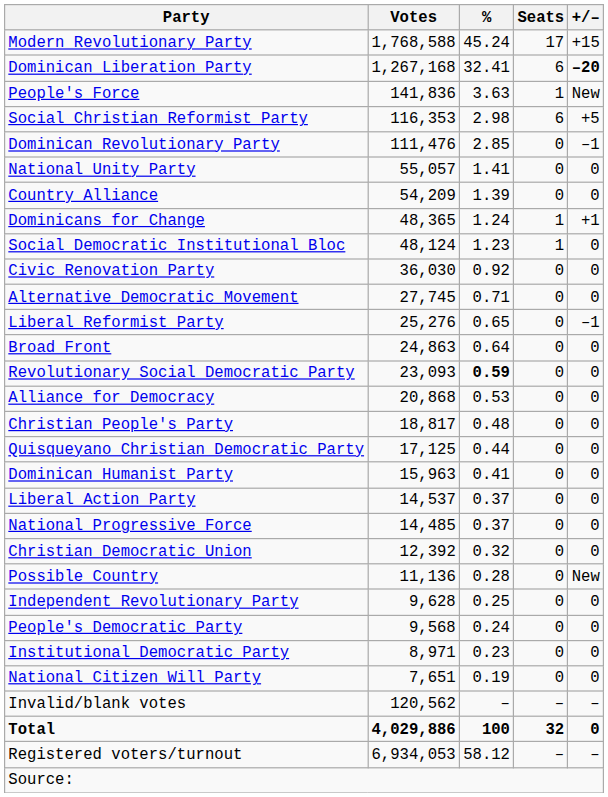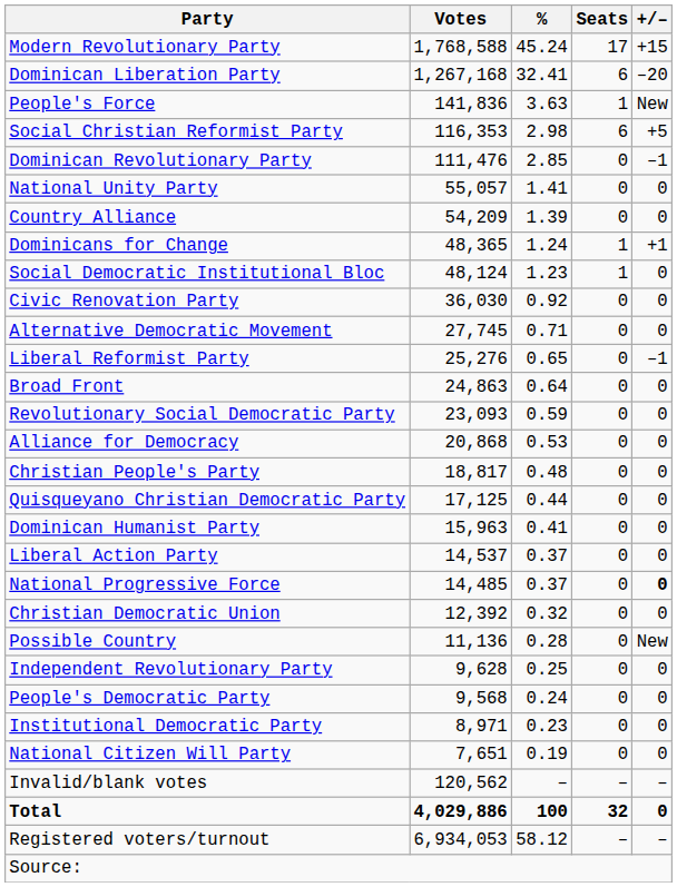 <table class=wikitable style=text-align:right>
 <tr>
 <th>Party</th>
 <th>Votes</th>
 <th>%</th>
 <th>Seats</th>
 <th>+/–</th>
 </tr>
 <tr>
 <td align=left><a href='#'>Modern Revolutionary Party</a></td>
 <td>1,768,588</td>
 <td>45.24</td>
 <td>17</td>
 <td>+15</td>
 </tr>
 <tr>
 <td align=left><a href='#'>Dominican Liberation Party</a></td>
 <td>1,267,168</td>
 <td>32.41</td>
 <td>6</td>
-<td><strong>–20</strong></td>
+<td>–20</td>
 </tr>
 <tr>
 <td align=left><a href='#'>People's Force</a></td>
 <td>141,836</td>
 <td>3.63</td>
 <td>1</td>
 <td>New</td>
 </tr>
 <tr>
 <td align=left><a href='#'>Social Christian Reformist Party</a></td>
 <td>116,353</td>
 <td>2.98</td>
 <td>6</td>
 <td>+5</td>
 </tr>
 <tr>
 <td align=left><a href='#'>Dominican Revolutionary Party</a></td>
 <td>111,476</td>
 <td>2.85</td>
 <td>0</td>
 <td>–1</td>
 </tr>
 <tr>
 <td align=left><a href='#'>National Unity Party</a></td>
 <td>55,057</td>
 <td>1.41</td>
 <td>0</td>
 <td>0</td>
 </tr>
 <tr>
 <td align=left><a href='#'>Country Alliance</a></td>
 <td>54,209</td>
 <td>1.39</td>
 <td>0</td>
 <td>0</td>
 </tr>
 <tr>
 <td align=left><a href='#'>Dominicans for Change</a></td>
 <td>48,365</td>
 <td>1.24</td>
 <td>1</td>
 <td>+1</td>
 </tr>
 <tr>
 <td align=left><a href='#'>Social Democratic Institutional Bloc</a></td>
 <td>48,124</td>
 <td>1.23</td>
 <td>1</td>
 <td>0</td>
 </tr>
 <tr>
 <td align=left><a href='#'>Civic Renovation Party</a></td>
 <td>36,030</td>
 <td>0.92</td>
 <td>0</td>
 <td>0</td>
 </tr>
 <tr>
 <td align=left><a href='#'>Alternative Democratic Movement</a></td>
 <td>27,745</td>
 <td>0.71</td>
 <td>0</td>
 <td>0</td>
 </tr>
 <tr>
 <td align=left><a href='#'>Liberal Reformist Party</a></td>
 <td>25,276</td>
 <td>0.65</td>
 <td>0</td>
 <td>–1</td>
 </tr>
 <tr>
 <td align=left><a href='#'>Broad Front</a></td>
 <td>24,863</td>
 <td>0.64</td>
 <td>0</td>
 <td>0</td>
 </tr>
 <tr>
 <td align=left><a href='#'>Revolutionary Social Democratic Party</a></td>
 <td>23,093</td>
-<td><strong>0.59</strong></td>
+<td>0.59</td>
 <td>0</td>
 <td>0</td>
 </tr>
 <tr>
 <td align=left><a href='#'>Alliance for Democracy</a></td>
 <td>20,868</td>
 <td>0.53</td>
 <td>0</td>
 <td>0</td>
 </tr>
 <tr>
 <td align=left><a href='#'>Christian People's Party</a></td>
 <td>18,817</td>
 <td>0.48</td>
 <td>0</td>
 <td>0</td>
 </tr>
 <tr>
 <td align=left><a href='#'>Quisqueyano Christian Democratic Party</a></td>
 <td>17,125</td>
 <td>0.44</td>
 <td>0</td>
 <td>0</td>
 </tr>
 <tr>
 <td align=left><a href='#'>Dominican Humanist Party</a></td>
 <td>15,963</td>
 <td>0.41</td>
 <td>0</td>
 <td>0</td>
 </tr>
 <tr>
 <td align=left><a href='#'>Liberal Action Party</a></td>
 <td>14,537</td>
 <td>0.37</td>
 <td>0</td>
 <td>0</td>
 </tr>
 <tr>
 <td align=left><a href='#'>National Progressive Force</a></td>
 <td>14,485</td>
 <td>0.37</td>
 <td>0</td>
-<td>0</td>
+<td><strong>0</strong></td>
 </tr>
 <tr>
 <td align=left><a href='#'>Christian Democratic Union</a></td>
 <td>12,392</td>
 <td>0.32</td>
 <td>0</td>
 <td>0</td>
 </tr>
 <tr>
 <td align=left><a href='#'>Possible Country</a></td>
 <td>11,136</td>
 <td>0.28</td>
 <td>0</td>
 <td>New</td>
 </tr>
 <tr>
 <td align=left><a href='#'>Independent Revolutionary Party</a></td>
 <td>9,628</td>
 <td>0.25</td>
 <td>0</td>
 <td>0</td>
 </tr>
 <tr>
 <td align=left><a href='#'>People's Democratic Party</a></td>
 <td>9,568</td>
 <td>0.24</td>
 <td>0</td>
 <td>0</td>
 </tr>
 <tr>
 <td align=left><a href='#'>Institutional Democratic Party</a></td>
 <td>8,971</td>
 <td>0.23</td>
 <td>0</td>
 <td>0</td>
 </tr>
 <tr>
 <td align=left><a href='#'>National Citizen Will Party</a></td>
 <td>7,651</td>
 <td>0.19</td>
 <td>0</td>
 <td>0</td>
 </tr>
 <tr>
 <td align=left>Invalid/blank votes</td>
 <td>120,562</td>
 <td>–</td>
 <td>–</td>
 <td>–</td>
 </tr>
 <tr>
 <td align=left><strong>Total</strong></td>
 <td><strong>4,029,886 </strong></td>
 <td><strong>100</strong></td>
 <td><strong>32</strong></td>
 <td><strong>0</strong></td>
 </tr>
 <tr>
 <td align=left>Registered voters/turnout</td>
 <td>6,934,053</td>
 <td>58.12</td>
 <td>–</td>
 <td>–</td>
 </tr>
 <tr>
 <td align=left colspan=7>Source: </td>
 </tr>
 </table>
